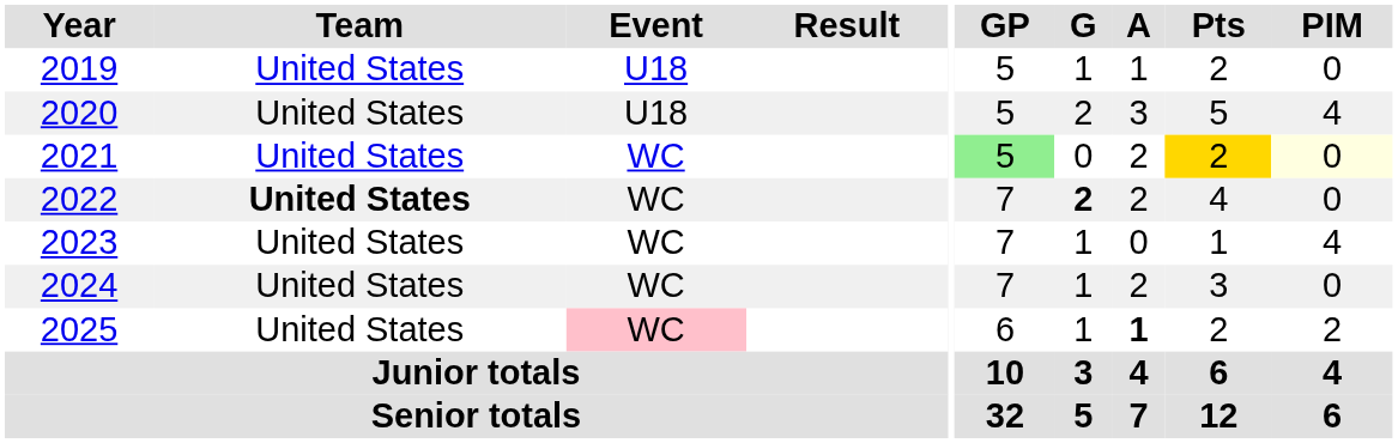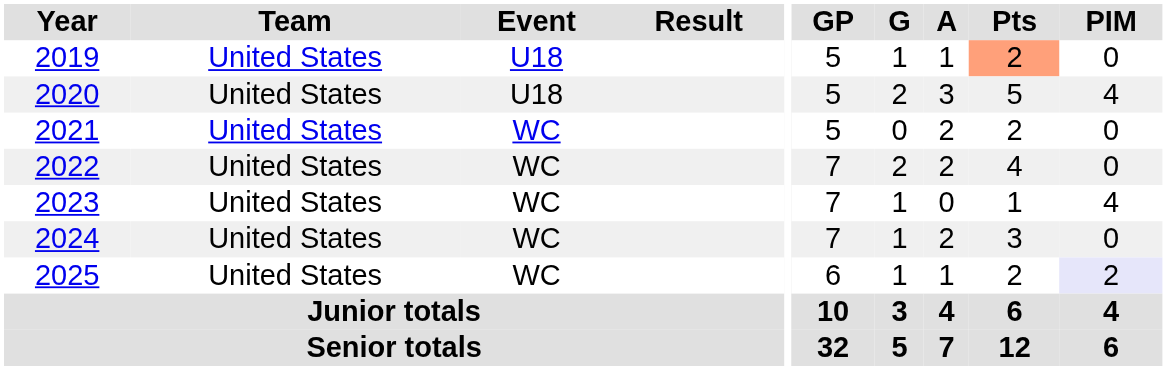 <table border="0" cellpadding="1" cellspacing="0" ID="Table3" style="text-align:center; width:40em">
 <tr ALIGN="center" bgcolor="#e0e0e0">
 <th>Year</th>
 <th>Team</th>
 <th>Event</th>
 <th>Result</th>
 <th rowspan="99" bgcolor="#ffffff"></th>
 <th>GP</th>
 <th>G</th>
 <th>A</th>
 <th>Pts</th>
 <th>PIM</th>
 </tr>
 <tr>
 <td><a href='#'>2019</a></td>
 <td><a href='#'>United States</a></td>
 <td><a href='#'>U18</a></td>
 <td></td>
 <td>5</td>
 <td>1</td>
 <td>1</td>
-<td>2</td>
+<td style="background: lightsalmon;">2</td>
 <td>0</td>
 </tr>
 <tr bgcolor="#f0f0f0">
 <td><a href='#'>2020</a></td>
 <td>United States</td>
 <td>U18</td>
 <td></td>
 <td>5</td>
 <td>2</td>
 <td>3</td>
 <td>5</td>
 <td>4</td>
 </tr>
 <tr>
 <td><a href='#'>2021</a></td>
 <td><a href='#'>United States</a></td>
 <td><a href='#'>WC</a></td>
 <td></td>
-<td style="background: lightgreen;">5</td>
+<td>5</td>
 <td>0</td>
 <td>2</td>
-<td style="background: gold;">2</td>
-<td style="background: lightyellow;">0</td>
+<td>2</td>
+<td>0</td>
 </tr>
 <tr bgcolor="#f0f0f0">
 <td><a href='#'>2022</a></td>
-<td><strong>United States</strong></td>
+<td>United States</td>
 <td>WC</td>
 <td></td>
 <td>7</td>
-<td><strong>2</strong></td>
+<td>2</td>
 <td>2</td>
 <td>4</td>
 <td>0</td>
 </tr>
 <tr>
 <td><a href='#'>2023</a></td>
 <td>United States</td>
 <td>WC</td>
 <td></td>
 <td>7</td>
 <td>1</td>
 <td>0</td>
 <td>1</td>
 <td>4</td>
 </tr>
 <tr bgcolor="#f0f0f0">
 <td><a href='#'>2024</a></td>
 <td>United States</td>
 <td>WC</td>
 <td></td>
 <td>7</td>
 <td>1</td>
 <td>2</td>
 <td>3</td>
 <td>0</td>
 </tr>
 <tr>
 <td><a href='#'>2025</a></td>
 <td>United States</td>
-<td style="background: pink;">WC</td>
+<td>WC</td>
 <td></td>
 <td>6</td>
 <td>1</td>
-<td><strong>1</strong></td>
+<td>1</td>
 <td>2</td>
-<td>2</td>
+<td style="background: lavender;">2</td>
 </tr>
 <tr bgcolor="#e0e0e0">
 <th colspan="4">Junior totals</th>
 <th>10</th>
 <th>3</th>
 <th>4</th>
 <th>6</th>
 <th>4</th>
 </tr>
 <tr bgcolor="#e0e0e0">
 <th colspan="4">Senior totals</th>
 <th>32</th>
 <th>5</th>
 <th>7</th>
 <th>12</th>
 <th>6</th>
 </tr>
 </table>
